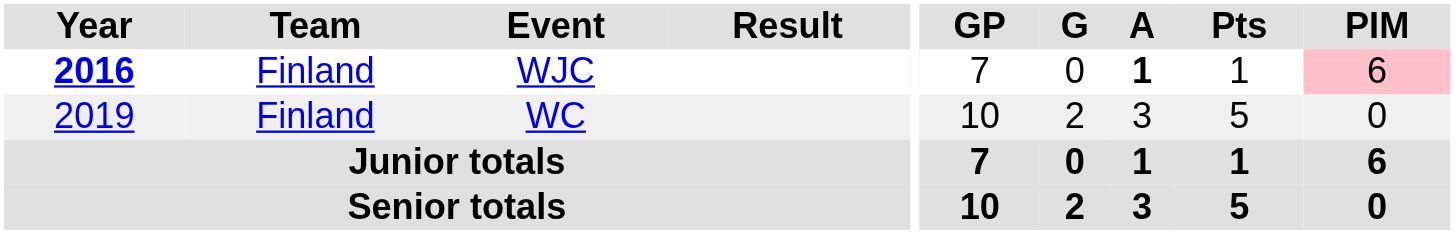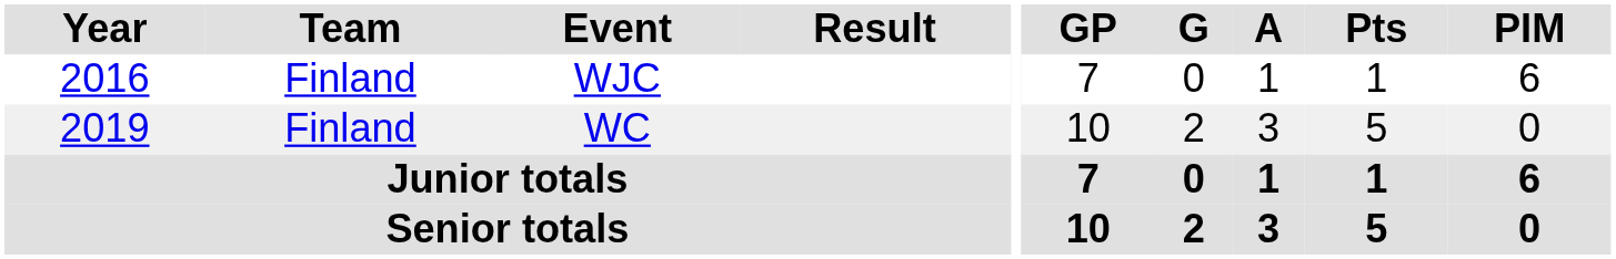 <table border="0" cellpadding="1" cellspacing="0" ID="Table3" style="text-align:center; width:40em">
 <tr ALIGN="center" bgcolor="#e0e0e0">
 <th>Year</th>
 <th>Team</th>
 <th>Event</th>
 <th>Result</th>
 <th rowspan="99" bgcolor="#ffffff"></th>
 <th>GP</th>
 <th>G</th>
 <th>A</th>
 <th>Pts</th>
 <th>PIM</th>
 </tr>
 <tr>
-<td><strong><a href='#'>2016</a></strong></td>
+<td><a href='#'>2016</a></td>
 <td><a href='#'>Finland</a></td>
 <td><a href='#'>WJC</a></td>
 <td></td>
 <td>7</td>
 <td>0</td>
-<td><strong>1</strong></td>
 <td>1</td>
-<td style="background: pink;">6</td>
+<td>1</td>
+<td>6</td>
 </tr>
 <tr bgcolor="#f0f0f0">
 <td><a href='#'>2019</a></td>
 <td><a href='#'>Finland</a></td>
 <td><a href='#'>WC</a></td>
 <td></td>
 <td>10</td>
 <td>2</td>
 <td>3</td>
 <td>5</td>
 <td>0</td>
 </tr>
 <tr bgcolor="#e0e0e0">
 <th colspan="4">Junior totals</th>
 <th>7</th>
 <th>0</th>
 <th>1</th>
 <th>1</th>
 <th>6</th>
 </tr>
 <tr bgcolor="#e0e0e0">
 <th colspan="4">Senior totals</th>
 <th>10</th>
 <th>2</th>
 <th>3</th>
 <th>5</th>
 <th>0</th>
 </tr>
 </table>
